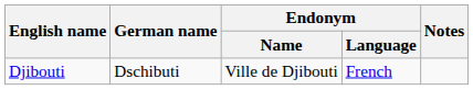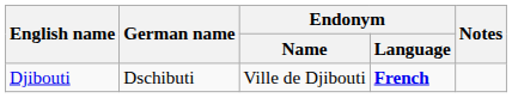 <table class="wikitable sortable mw-collapsible">
 <tr>
 <th rowspan="2">English name</th>
 <th rowspan="2">German name</th>
 <th colspan="2">Endonym</th>
 <th rowspan="2">Notes</th>
 </tr>
 <tr>
 <th>Name</th>
 <th>Language</th>
 </tr>
 <tr>
 <td><a href='#'>Djibouti</a></td>
 <td>Dschibuti</td>
 <td>Ville de Djibouti</td>
-<td><a href='#'>French</a></td>
+<td><strong><a href='#'>French</a></strong></td>
 <td></td>
 </tr>
 </table>
